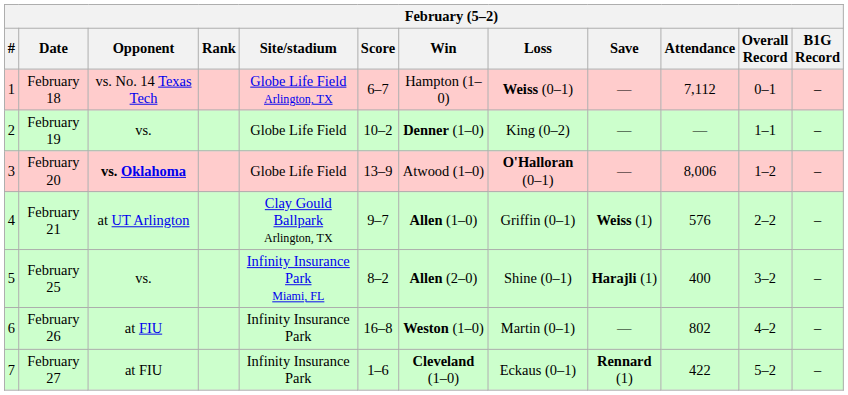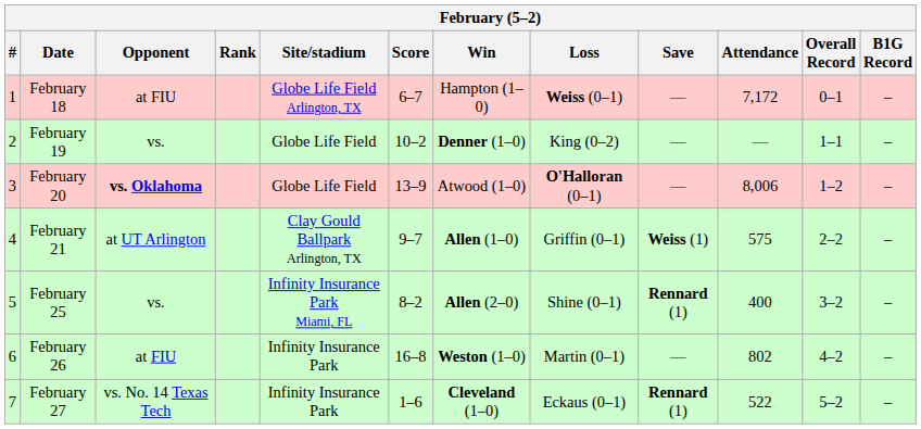 <table class="wikitable collapsible collapsed" style="margin:auto; width:100%; text-align:center; font-size:95%">
 <tr>
 <th colspan=12 style="padding-left:4em;">February (5–2)</th>
 </tr>
 <tr>
 <th>#</th>
 <th>Date</th>
 <th>Opponent</th>
 <th>Rank</th>
 <th>Site/stadium</th>
 <th>Score</th>
 <th>Win</th>
 <th>Loss</th>
 <th>Save</th>
 <th>Attendance</th>
 <th>Overall<br>Record</th>
 <th>B1G<br>Record</th>
 </tr>
 <tr align="center" bgcolor="#ffcccc">
 <td>1</td>
 <td>February 18</td>
-<td>vs. No. 14 <a href='#'>Texas Tech</a></td>
+<td>at FIU</td>
 <td></td>
 <td><a href='#'>Globe Life Field</a><br><small><a href='#'>Arlington, TX</a></small></td>
 <td>6–7</td>
 <td>Hampton (1–0)</td>
 <td><strong>Weiss</strong> (0–1)</td>
 <td>—</td>
-<td>7,112</td>
+<td>7,172</td>
 <td>0–1</td>
 <td>–</td>
 </tr>
 <tr align="center" bgcolor="#ccffcc">
 <td>2</td>
 <td>February 19</td>
 <td>vs. </td>
 <td></td>
 <td>Globe Life Field</td>
 <td>10–2</td>
 <td><strong>Denner</strong> (1–0)</td>
 <td>King (0–2)</td>
 <td>—</td>
 <td>—</td>
 <td>1–1</td>
 <td>–</td>
 </tr>
 <tr align="center" bgcolor="#ffcccc">
 <td>3</td>
 <td>February 20</td>
 <td><strong>vs. <a href='#'>Oklahoma</a></strong></td>
 <td></td>
 <td>Globe Life Field</td>
 <td>13–9</td>
 <td>Atwood (1–0)</td>
 <td><strong>O'Halloran</strong> (0–1)</td>
 <td>—</td>
 <td>8,006</td>
 <td>1–2</td>
 <td>–</td>
 </tr>
 <tr align="center" bgcolor="#ccffcc">
 <td>4</td>
 <td>February 21</td>
 <td>at <a href='#'>UT Arlington</a></td>
 <td></td>
 <td><a href='#'>Clay Gould Ballpark</a><br><small>Arlington, TX</small></td>
 <td>9–7</td>
 <td><strong>Allen</strong> (1–0)</td>
 <td>Griffin (0–1)</td>
 <td><strong>Weiss</strong> (1)</td>
-<td>576</td>
+<td>575</td>
 <td>2–2</td>
 <td>–</td>
 </tr>
 <tr align="center" bgcolor="#ccffcc">
 <td>5</td>
 <td>February 25</td>
 <td>vs. </td>
 <td></td>
 <td><a href='#'>Infinity Insurance Park</a><br><small><a href='#'>Miami, FL</a></small></td>
 <td>8–2</td>
 <td><strong>Allen</strong> (2–0)</td>
 <td>Shine (0–1)</td>
-<td><strong>Harajli</strong> (1)</td>
+<td><strong>Rennard</strong> (1)</td>
 <td>400</td>
 <td>3–2</td>
 <td>–</td>
 </tr>
 <tr align="center" bgcolor="#ccffcc">
 <td>6</td>
 <td>February 26</td>
 <td>at <a href='#'>FIU</a></td>
 <td></td>
 <td>Infinity Insurance Park</td>
 <td>16–8</td>
 <td><strong>Weston</strong> (1–0)</td>
 <td>Martin (0–1)</td>
 <td>—</td>
 <td>802</td>
 <td>4–2</td>
 <td>–</td>
 </tr>
 <tr align="center" bgcolor="#ccffcc">
 <td>7</td>
 <td>February 27</td>
-<td>at FIU</td>
+<td>vs. No. 14 <a href='#'>Texas Tech</a></td>
 <td></td>
 <td>Infinity Insurance Park</td>
 <td>1–6</td>
 <td><strong>Cleveland</strong> (1–0)</td>
 <td>Eckaus (0–1)</td>
 <td><strong>Rennard</strong> (1)</td>
-<td>422</td>
+<td>522</td>
 <td>5–2</td>
 <td>–</td>
 </tr>
 </table>
